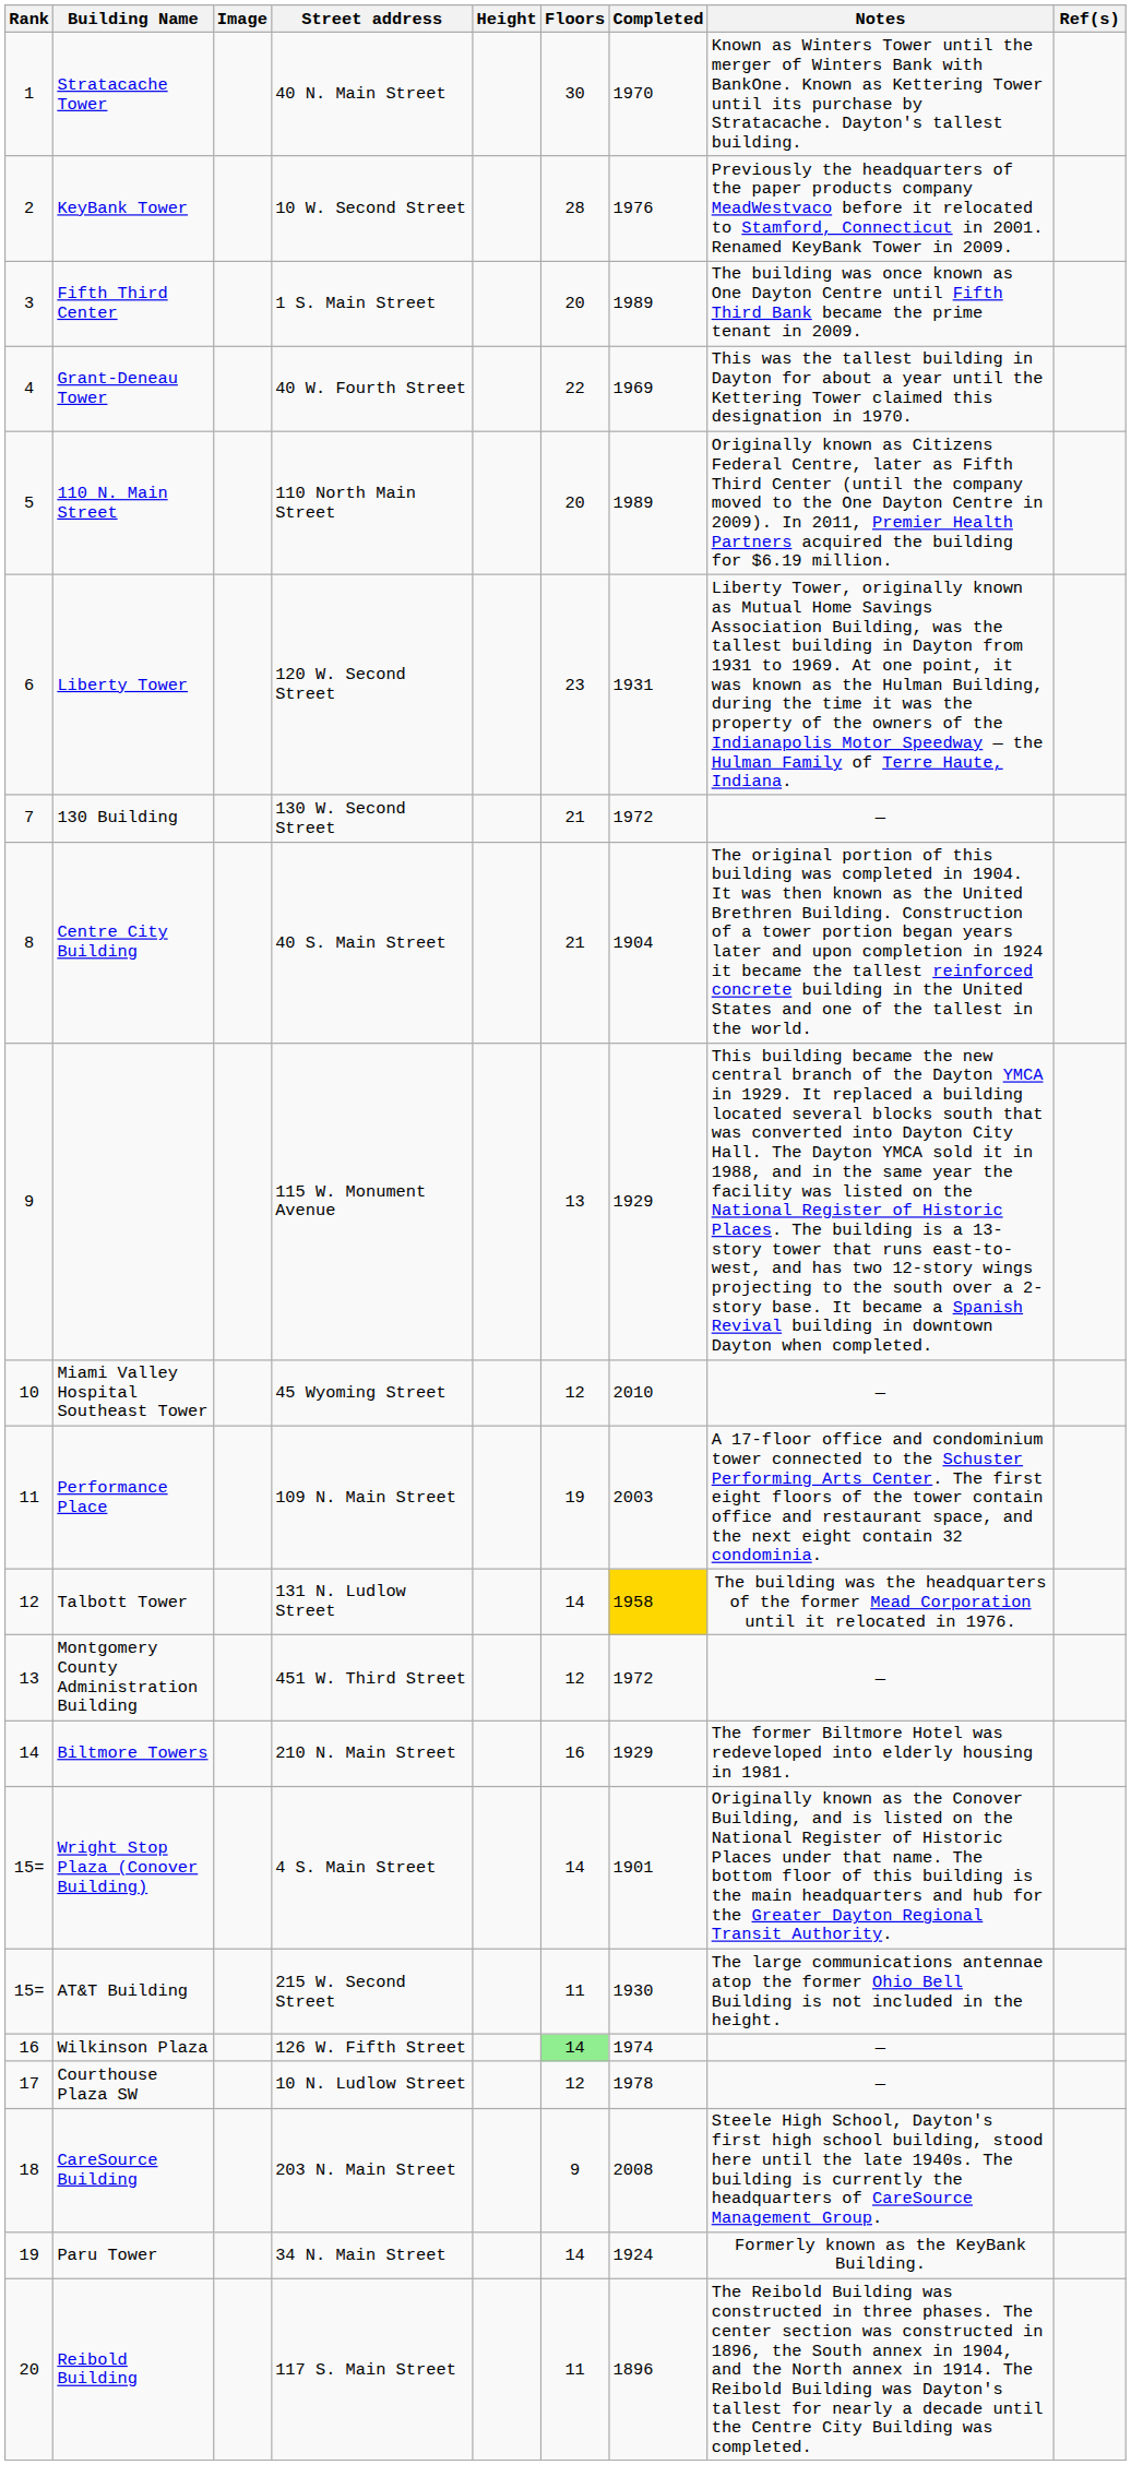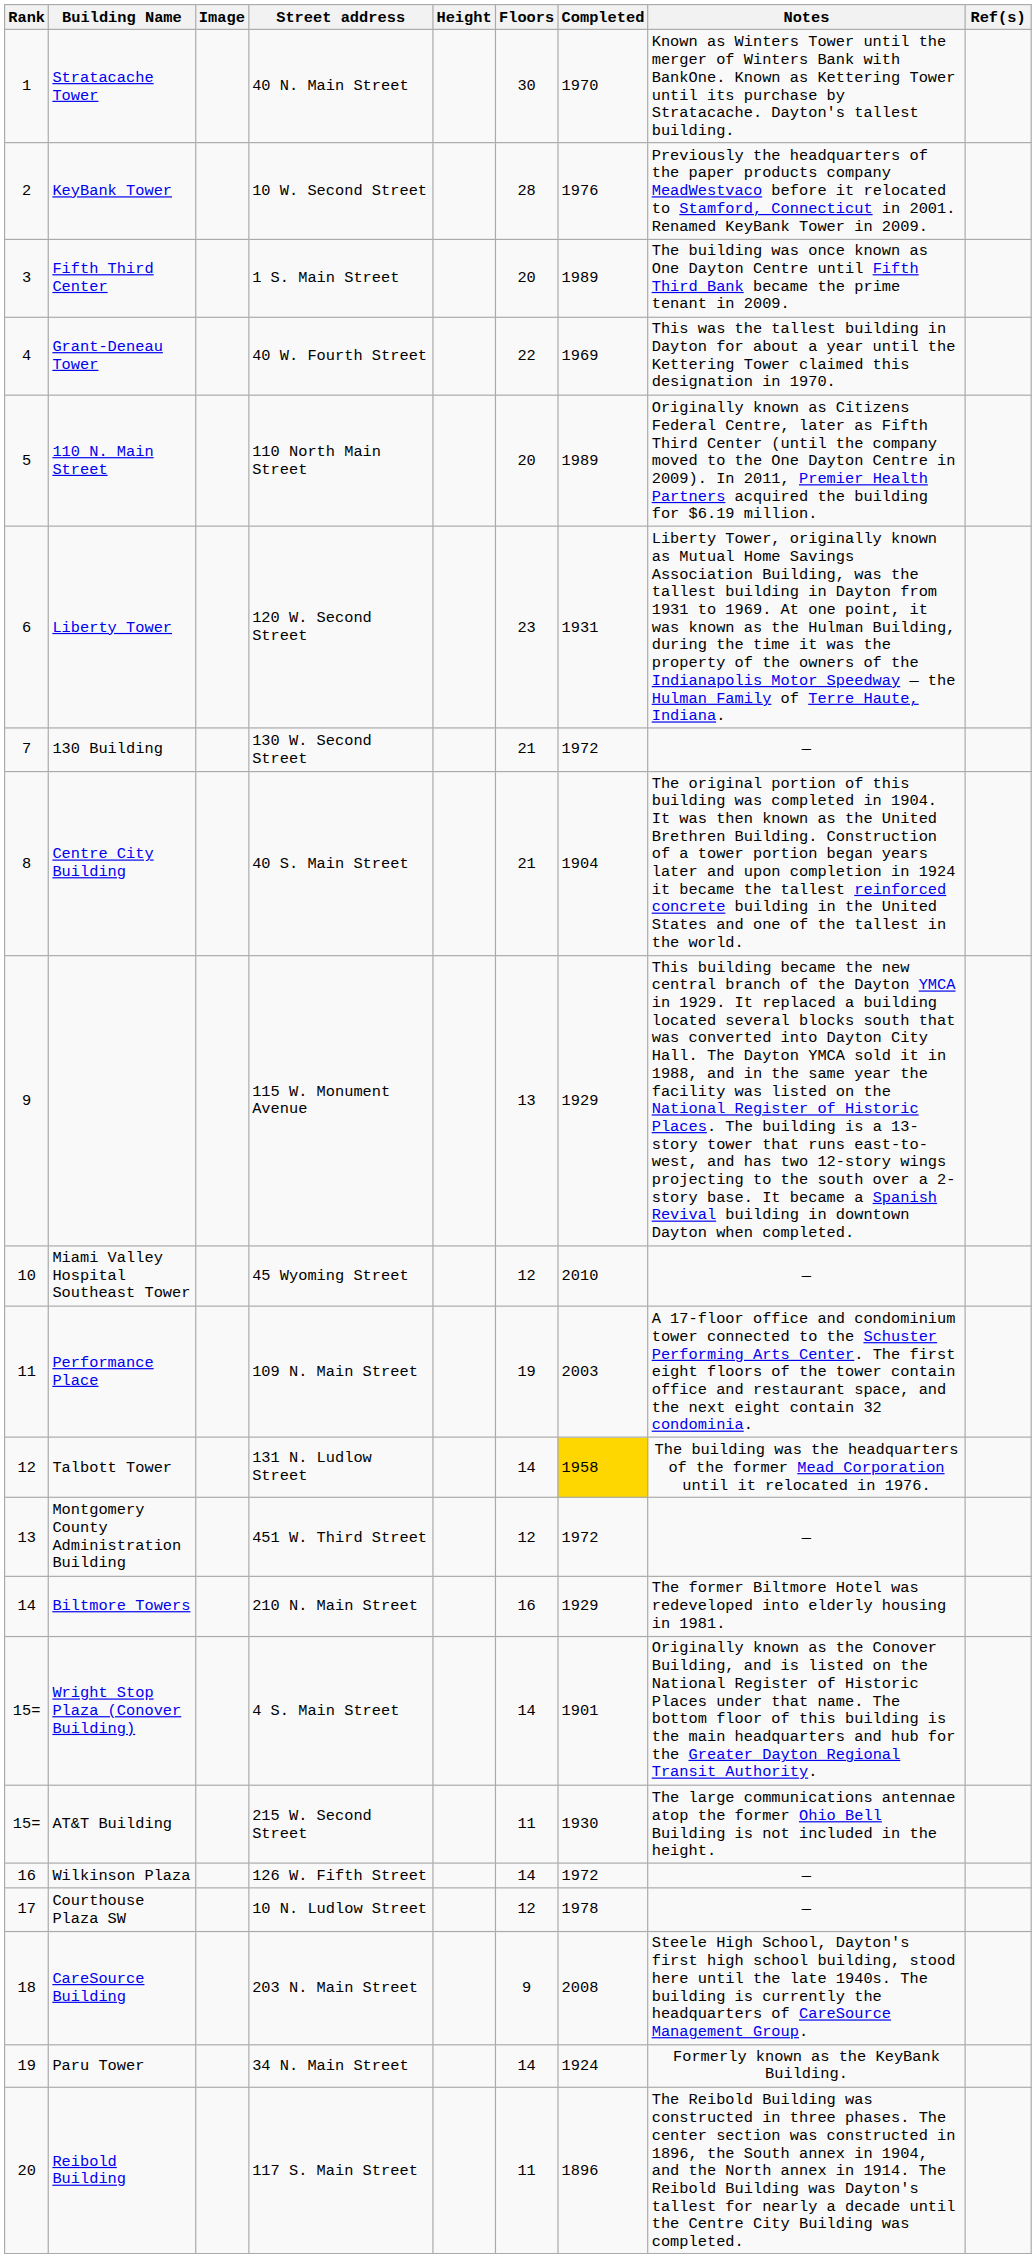 <table class="wikitable sortable" style="text-align: left;">
 <tr>
 <th>Rank</th>
 <th>Building Name</th>
 <th>Image</th>
 <th>Street address</th>
 <th>Height<br></th>
 <th>Floors</th>
 <th>Completed</th>
 <th>Notes</th>
 <th class=unsortable>Ref(s)</th>
 </tr>
 <tr>
 <td style="text-align: center;">1</td>
 <td style="text-align: left;"><a href='#'>Stratacache Tower</a></td>
 <td></td>
 <td width="150" style="text-align: left;" !>40 N. Main Street</td>
 <td></td>
 <td style="text-align: center;">30</td>
 <td>1970</td>
 <td>Known as Winters Tower until the merger of Winters Bank with BankOne. Known as Kettering Tower until its purchase by Stratacache. Dayton's tallest building.</td>
 <td ! width="50" style="text-align: center;"></td>
 </tr>
 <tr>
 <td style="text-align: center;">2</td>
 <td style="text-align: left;"><a href='#'>KeyBank Tower</a></td>
 <td></td>
 <td style="text-align: left;">10 W. Second Street</td>
 <td></td>
 <td style="text-align: center;">28</td>
 <td>1976</td>
 <td>Previously the headquarters of the paper products company <a href='#'>MeadWestvaco</a> before it relocated to <a href='#'>Stamford, Connecticut</a> in 2001. Renamed KeyBank Tower in 2009.</td>
 <td ! width="50" style="text-align: center;"></td>
 </tr>
 <tr>
 <td style="text-align: center;">3</td>
 <td style="text-align: left;"><a href='#'>Fifth Third Center</a></td>
 <td></td>
 <td style="text-align: left;">1 S. Main Street</td>
 <td></td>
 <td style="text-align: center;">20</td>
 <td>1989</td>
 <td>The building was once known as One Dayton Centre until <a href='#'>Fifth Third Bank</a> became the prime tenant in 2009.</td>
 <td ! width="50" style="text-align: center;"></td>
 </tr>
 <tr>
 <td style="text-align: center;">4</td>
 <td style="text-align: left;"><a href='#'>Grant-Deneau Tower</a></td>
 <td></td>
 <td style="text-align: left;">40 W. Fourth Street</td>
 <td></td>
 <td style="text-align: center;">22</td>
 <td>1969</td>
 <td>This was the tallest building in Dayton for about a year until the Kettering Tower claimed this designation in 1970.</td>
 <td ! width="50" style="text-align: center;"></td>
 </tr>
 <tr>
 <td style="text-align: center;">5</td>
 <td style="text-align: left;"><a href='#'>110 N. Main Street</a></td>
 <td></td>
 <td style="text-align: left;">110 North Main Street</td>
 <td></td>
 <td style="text-align: center;">20</td>
 <td>1989</td>
 <td>Originally known as Citizens Federal Centre, later as Fifth Third Center (until the company moved to the One Dayton Centre in 2009). In 2011, <a href='#'>Premier Health Partners</a> acquired the building for $6.19 million.</td>
 <td ! width="50" style="text-align: center;"></td>
 </tr>
 <tr>
 <td style="text-align: center;">6</td>
 <td style="text-align: left;"><a href='#'>Liberty Tower</a></td>
 <td></td>
 <td style="text-align: left;">120 W. Second Street</td>
 <td></td>
 <td style="text-align: center;">23</td>
 <td>1931</td>
 <td>Liberty Tower, originally known as Mutual Home Savings Association Building, was the tallest building in Dayton from 1931 to 1969. At one point, it was known as the Hulman Building, during the time it was the property of the owners of the <a href='#'>Indianapolis Motor Speedway</a> — the <a href='#'>Hulman Family</a> of <a href='#'>Terre Haute, Indiana</a>.</td>
 <td ! width="50" style="text-align: center;"></td>
 </tr>
 <tr>
 <td style="text-align: center;">7</td>
 <td style="text-align: left;">130 Building</td>
 <td></td>
 <td style="text-align: left;">130 W. Second Street</td>
 <td></td>
 <td style="text-align: center;">21</td>
 <td>1972</td>
 <td align=center>—</td>
 <td ! width="50" style="text-align: center;"></td>
 </tr>
 <tr>
 <td style="text-align: center;">8</td>
 <td style="text-align: left;"><a href='#'>Centre City Building</a></td>
 <td></td>
 <td style="text-align: left;">40 S. Main Street</td>
 <td></td>
 <td style="text-align: center;">21</td>
 <td>1904</td>
 <td>The original portion of this building was completed in 1904. It was then known as the United Brethren Building. Construction of a tower portion began years later and upon completion in 1924 it became the tallest <a href='#'>reinforced concrete</a> building in the United States and one of the tallest in the world.</td>
 <td ! width="50" style="text-align: center;"></td>
 </tr>
 <tr>
 <td style="text-align: center;">9</td>
 <td style="text-align: left;"></td>
 <td></td>
 <td style="test-align: left;">115 W. Monument Avenue</td>
 <td></td>
 <td style="text-align: center;">13</td>
 <td>1929</td>
 <td>This building became the new central branch of the Dayton <a href='#'>YMCA</a> in 1929. It replaced a building located several blocks south that was converted into Dayton City Hall. The Dayton YMCA sold it in 1988, and in the same year the facility was listed on the <a href='#'>National Register of Historic Places</a>. The building is a 13-story tower that runs east-to-west, and has two 12-story wings projecting to the south over a 2-story base. It became a <a href='#'>Spanish Revival</a> building in downtown Dayton when completed.</td>
 <td ! width="50" style="text-align: center;"></td>
 </tr>
 <tr>
 <td style="text-align: center;">10</td>
 <td style="text-align: left;">Miami Valley Hospital Southeast Tower</td>
 <td></td>
 <td style="text-align: left;">45 Wyoming Street</td>
 <td></td>
 <td style="text-align: center;">12</td>
 <td>2010</td>
 <td align=center>—</td>
 <td ! width="50" style="text-align: center;"></td>
 </tr>
 <tr>
 <td style="text-align: center;">11</td>
 <td style="text-align: left;"><a href='#'>Performance Place</a></td>
 <td></td>
 <td style="text-align: left;">109 N. Main Street</td>
 <td></td>
 <td style="text-align: center;">19</td>
 <td>2003</td>
 <td>A 17-floor office and condominium tower connected to the <a href='#'>Schuster Performing Arts Center</a>. The first eight floors of the tower contain office and restaurant space, and the next eight contain  32 <a href='#'>condominia</a>.</td>
 <td ! width="50" style="text-align: center;"></td>
 </tr>
 <tr>
 <td style="text-align: center;">12</td>
 <td style="text-align: left;">Talbott Tower</td>
 <td></td>
 <td style="text-align: left;">131 N. Ludlow Street</td>
 <td></td>
 <td style="text-align: center;">14</td>
 <td style="background: gold;">1958</td>
 <td align=center>The building was the headquarters of the former <a href='#'>Mead Corporation</a> until it relocated in 1976.</td>
 <td ! width="50" style="text-align: center;"></td>
 </tr>
 <tr>
 <td style="text-align: center;">13</td>
 <td style="text-align: left;">Montgomery County Administration Building</td>
 <td></td>
 <td style="text-align: left;">451 W. Third Street</td>
 <td></td>
 <td style="text-align: center;">12</td>
 <td>1972</td>
 <td align=center>—</td>
 <td ! width="50" style="text-align: center;"></td>
 </tr>
 <tr>
 <td style="text-align: center;">14</td>
 <td style="text-align: left;"><a href='#'>Biltmore Towers</a></td>
 <td></td>
 <td style="text-align: left;">210 N. Main Street</td>
 <td></td>
 <td style="text-align: center;">16</td>
 <td>1929</td>
 <td>The former Biltmore Hotel was redeveloped into elderly housing in 1981.</td>
 <td ! width="50" style="text-align: center;"></td>
 </tr>
 <tr>
 <td style="text-align: center;">15=</td>
 <td style="text-align: left;"><a href='#'>Wright Stop Plaza (Conover Building)</a></td>
 <td></td>
 <td style="text-align: left;">4 S. Main Street</td>
 <td></td>
 <td style="text-align: center;">14</td>
 <td>1901</td>
 <td>Originally known as the Conover Building, and is listed on the National Register of Historic Places under that name. The bottom floor of this building is the main headquarters and hub for the <a href='#'>Greater Dayton Regional Transit Authority</a>.</td>
 <td ! width="50" style="text-align: center;"></td>
 </tr>
 <tr>
 <td style="text-align: center;">15=</td>
 <td style="text-align: left;">AT&T Building</td>
 <td></td>
 <td style="text-align: left;">215 W. Second Street</td>
 <td></td>
 <td style="text-align: center;">11</td>
 <td>1930</td>
 <td>The large communications antennae atop the former <a href='#'>Ohio Bell</a> Building is not included in the height.</td>
 <td ! width="50" style="text-align: center;"></td>
 </tr>
 <tr>
 <td style="text-align: center;">16</td>
 <td style="text-align: left;">Wilkinson Plaza</td>
 <td></td>
 <td style="text-align: left;">126 W. Fifth Street</td>
 <td></td>
-<td style="background: lightgreen; text-align: center;">14</td>
-<td>1974</td>
+<td style="text-align: center;">14</td>
+<td>1972</td>
 <td align=center>—</td>
 <td ! width="50" style="text-align: center;"></td>
 </tr>
 <tr>
 <td style="text-align: center;">17</td>
 <td style="text-align: left;">Courthouse Plaza SW</td>
 <td></td>
 <td style="text-align: left;">10 N. Ludlow Street</td>
 <td></td>
 <td style="text-align: center;">12</td>
 <td>1978</td>
 <td align=center>—</td>
 <td ! width="50" style="text-align: center;"></td>
 </tr>
 <tr>
 <td style="text-align: center;">18</td>
 <td style="text-align: left;"><a href='#'>CareSource Building</a></td>
 <td></td>
 <td style="text-align: left;">203 N. Main Street</td>
 <td></td>
 <td style="text-align: center;">9</td>
 <td>2008</td>
 <td>Steele High School, Dayton's first high school building, stood here until the late 1940s. The building is currently the headquarters of <a href='#'>CareSource Management Group</a>.</td>
 <td ! width="50" style="text-align: center;"></td>
 </tr>
 <tr>
 <td style="text-align: center;">19</td>
 <td style="text-align: left;">Paru Tower</td>
 <td></td>
 <td style="text-align: left;">34 N. Main Street</td>
 <td></td>
 <td style="text-align: center;">14</td>
 <td>1924</td>
 <td align=center>Formerly known as the KeyBank Building.</td>
 <td ! width="50" style="text-align: center;"></td>
 </tr>
 <tr>
 <td style="text-align: center;">20</td>
 <td style="text-align: left;"><a href='#'>Reibold Building</a></td>
 <td></td>
 <td style="text-align: left;">117 S. Main Street</td>
 <td></td>
 <td style="text-align: center;">11</td>
 <td>1896</td>
 <td>The Reibold Building was constructed in three phases. The center section was constructed in 1896, the South annex in 1904, and the North annex in 1914. The Reibold Building was Dayton's tallest for nearly a decade until the Centre City Building was completed.</td>
 <td ! width="50" style="text-align: center;"></td>
 </tr>
 <tr>
 </tr>
 </table>
